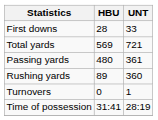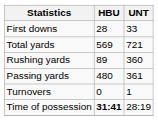 <table class="wikitable" style="float: left;">
 <tr>
 <th>Statistics</th>
 <th>HBU</th>
 <th>UNT</th>
 </tr>
 <tr>
 <td>First downs</td>
 <td>28</td>
 <td>33</td>
 </tr>
 <tr>
 <td>Total yards</td>
 <td>569</td>
 <td>721</td>
 </tr>
 <tr>
+<td>Rushing yards</td>
+<td>89</td>
+<td>360</td>
+</tr>
+<tr>
 <td>Passing yards</td>
 <td>480</td>
 <td>361</td>
-</tr>
-<tr>
-<td>Rushing yards</td>
-<td>89</td>
-<td>360</td>
 </tr>
 <tr>
 <td>Turnovers</td>
 <td>0</td>
 <td>1</td>
 </tr>
 <tr>
 <td>Time of possession</td>
-<td>31:41</td>
+<td><strong>31:41</strong></td>
 <td>28:19</td>
 </tr>
 <tr>
 </tr>
 </table>
